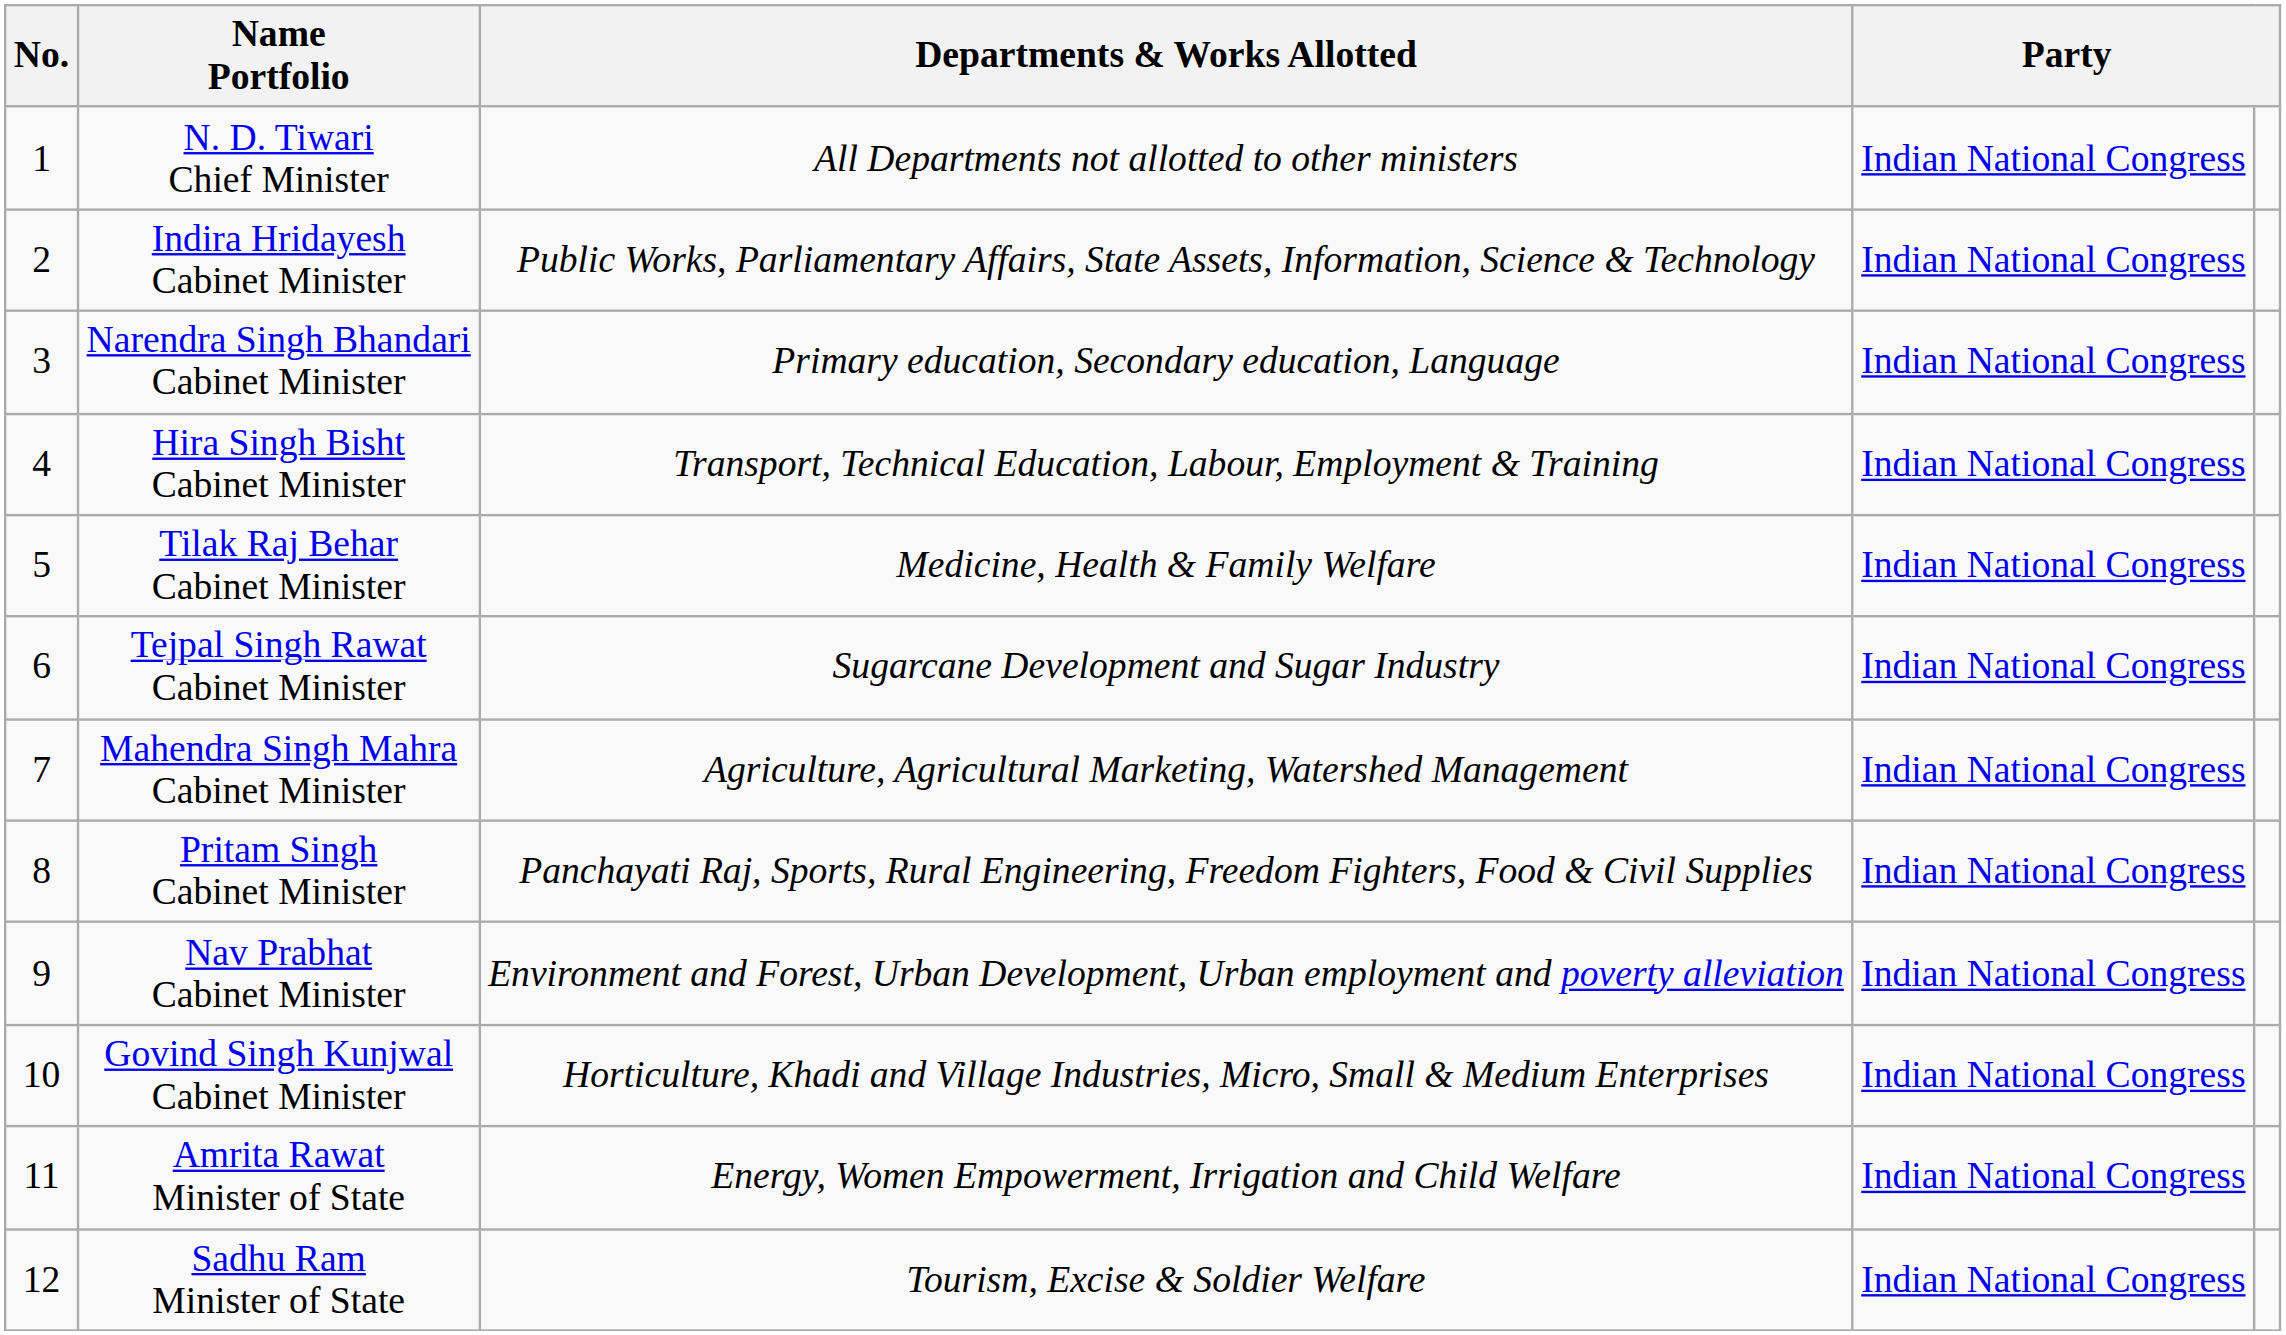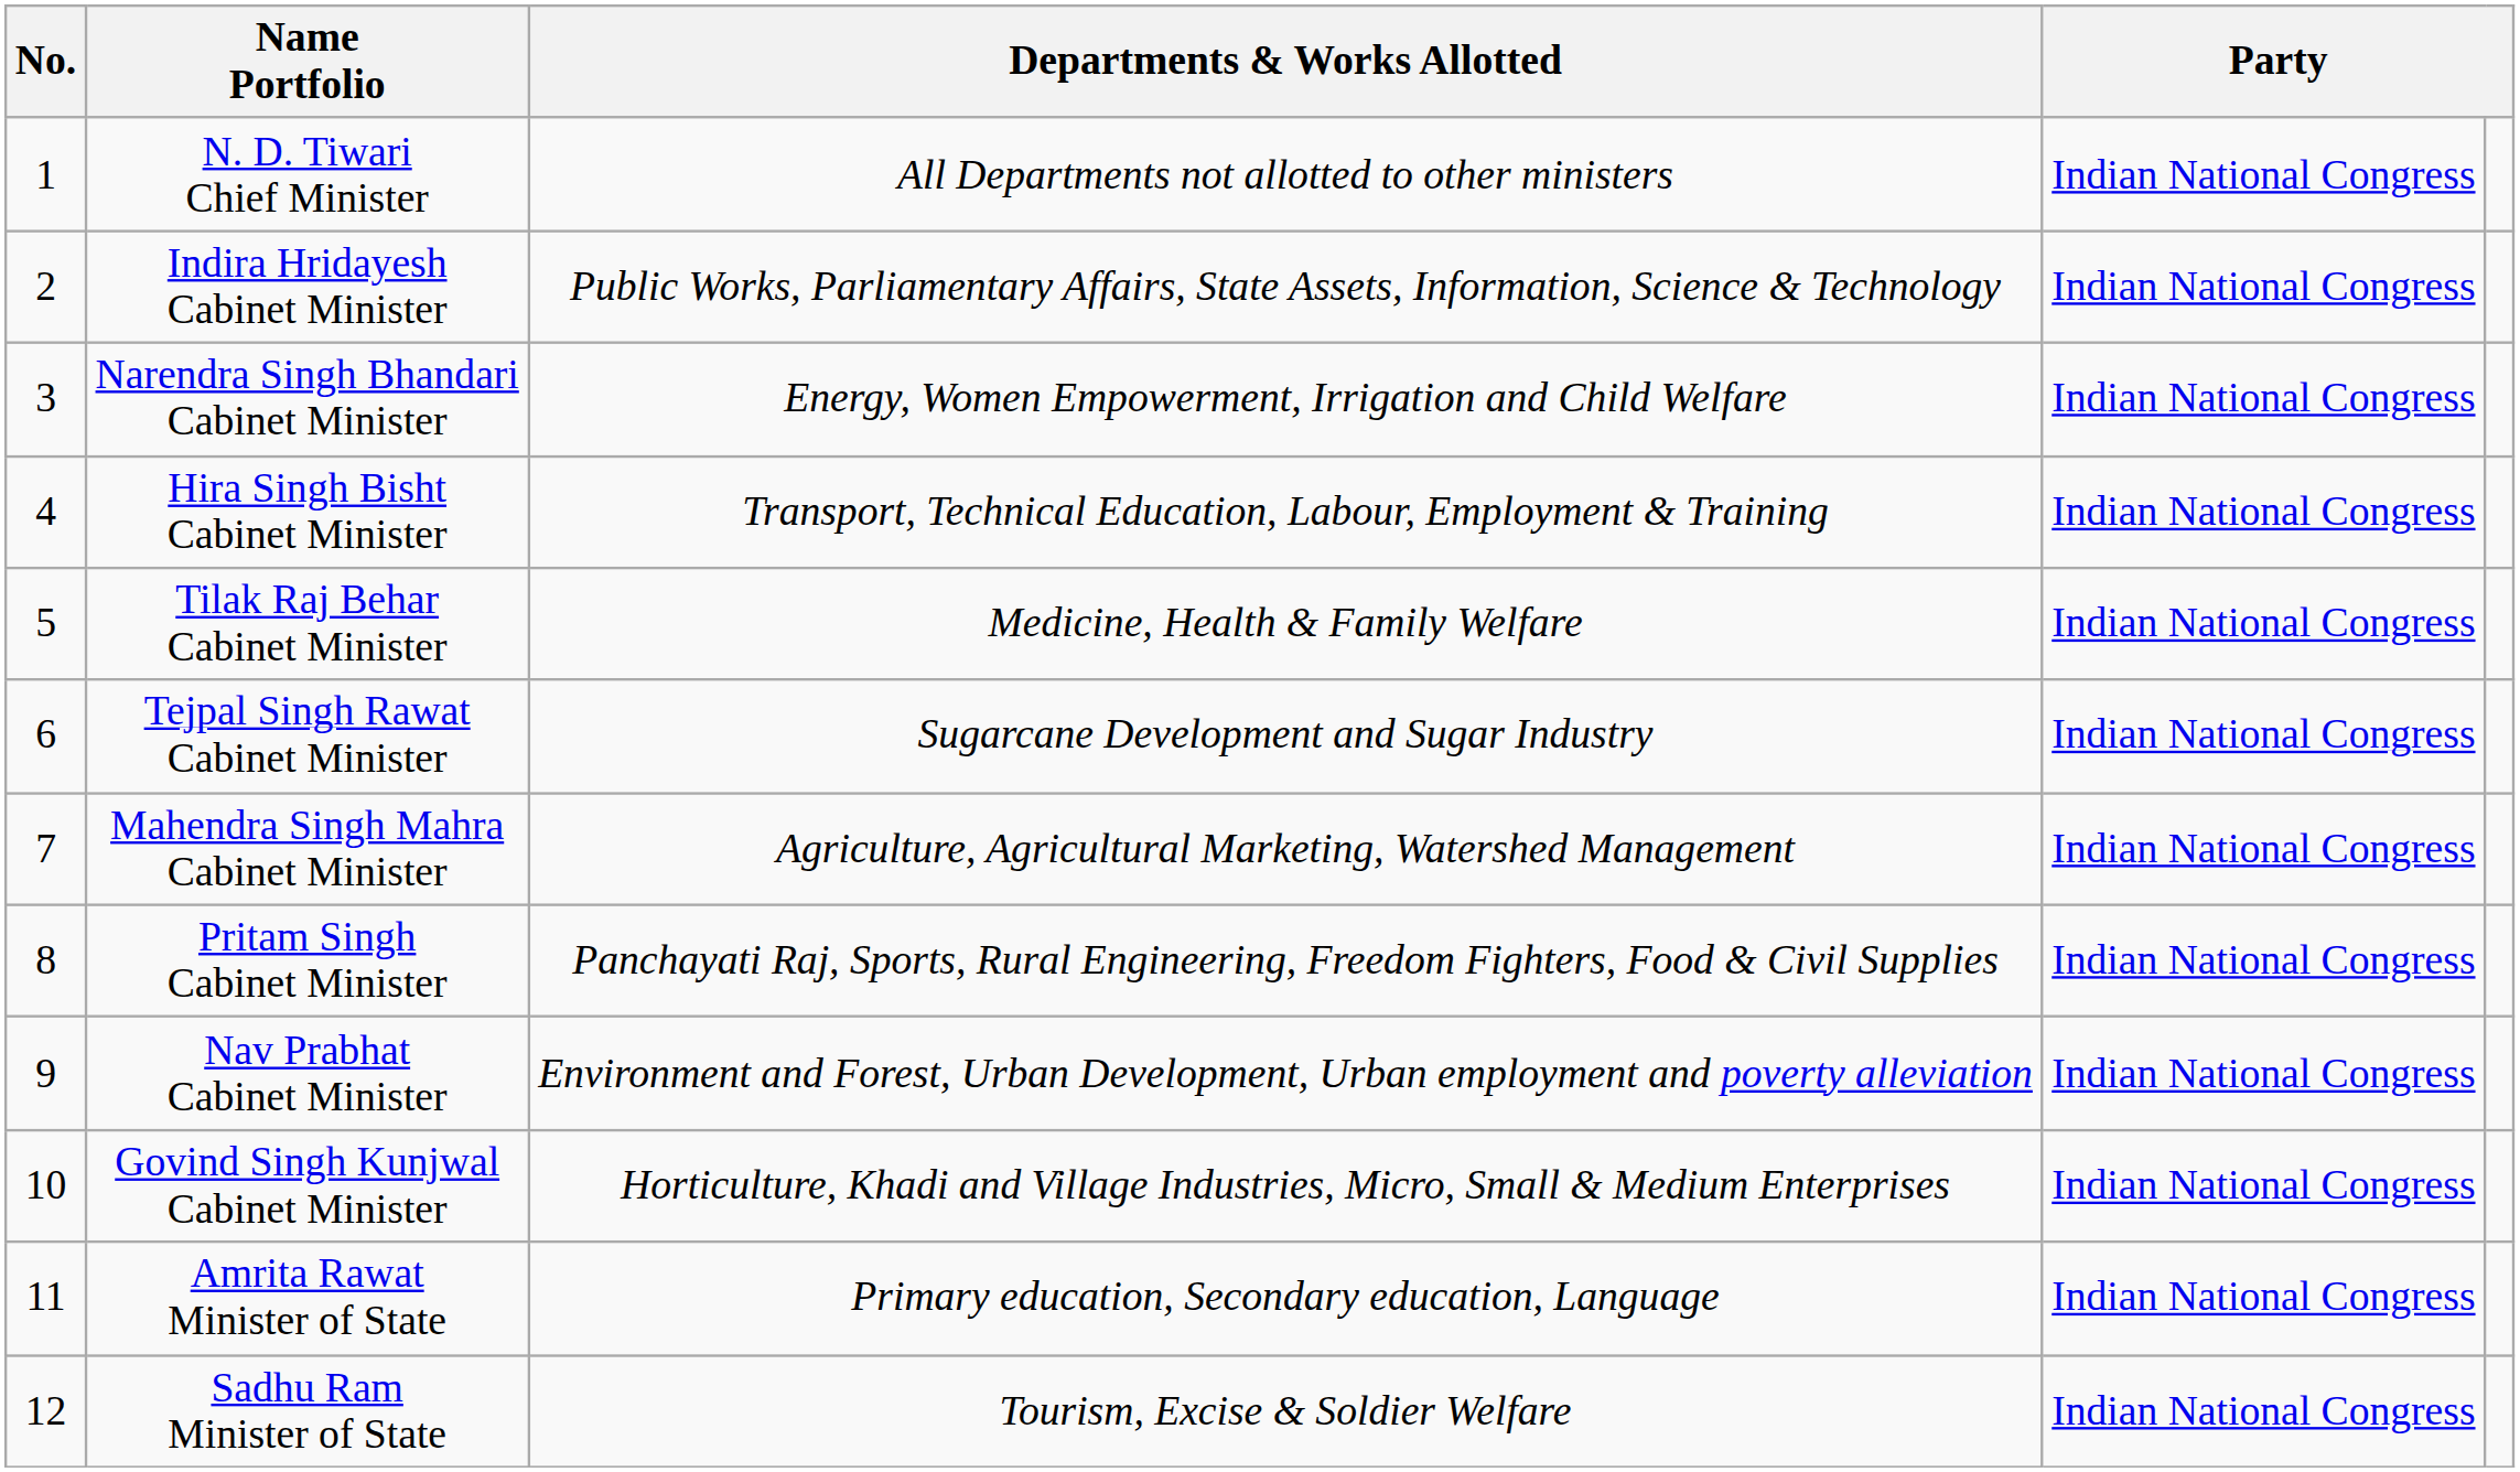 <table class="wikitable">
 <tr>
 <th scope=col>No.</th>
 <th>Name<br>Portfolio<br></th>
 <th scope=col>Departments & Works Allotted<br></th>
 <th colspan="2" scope="col">Party</th>
 </tr>
 <tr style="text-align:center;">
 <td>1</td>
 <td><a href='#'>N. D. Tiwari</a><br>Chief Minister<br></td>
 <td><em>All Departments not allotted to other ministers</em></td>
 <td><a href='#'>Indian National Congress</a></td>
 <td width="4px" style="background-color: "></td>
 </tr>
 <tr style="text-align:center;">
 <td>2</td>
 <td><a href='#'>Indira Hridayesh</a><br>Cabinet Minister<br></td>
 <td><em>Public Works, Parliamentary Affairs, State Assets, Information, Science & Technology</em></td>
 <td><a href='#'>Indian National Congress</a></td>
 <td width="4px" style="background-color: "></td>
 </tr>
 <tr style="text-align:center;">
 <td>3</td>
 <td><a href='#'>Narendra Singh Bhandari</a><br>Cabinet Minister<br></td>
-<td><em>Primary education, Secondary education, Language</em></td>
+<td><em>Energy, Women Empowerment, Irrigation and Child Welfare</em></td>
 <td><a href='#'>Indian National Congress</a></td>
 <td width="4px" style="background-color: "></td>
 </tr>
 <tr style="text-align:center;">
 <td>4</td>
 <td><a href='#'>Hira Singh Bisht</a><br>Cabinet Minister<br></td>
 <td><em>Transport, Technical Education, Labour, Employment & Training</em></td>
 <td><a href='#'>Indian National Congress</a></td>
 <td width="4px" style="background-color: "></td>
 </tr>
 <tr style="text-align:center;">
 <td>5</td>
 <td><a href='#'>Tilak Raj Behar</a><br>Cabinet Minister<br></td>
 <td><em>Medicine, Health & Family Welfare</em></td>
 <td><a href='#'>Indian National Congress</a></td>
 <td width="4px" style="background-color: "></td>
 </tr>
 <tr style="text-align:center;">
 <td>6</td>
 <td><a href='#'>Tejpal Singh Rawat</a><br>Cabinet Minister<br></td>
 <td><em>Sugarcane Development and Sugar Industry</em></td>
 <td><a href='#'>Indian National Congress</a></td>
 <td width="4px" style="background-color: "></td>
 </tr>
 <tr style="text-align:center;">
 <td>7</td>
 <td><a href='#'>Mahendra Singh Mahra</a><br>Cabinet Minister<br></td>
 <td><em>Agriculture, Agricultural Marketing, Watershed Management</em></td>
 <td><a href='#'>Indian National Congress</a></td>
 <td width="4px" style="background-color: "></td>
 </tr>
 <tr style="text-align:center;">
 <td>8</td>
 <td><a href='#'>Pritam Singh</a><br>Cabinet Minister<br></td>
 <td><em>Panchayati Raj, Sports, Rural Engineering, Freedom Fighters, Food & Civil Supplies</em></td>
 <td><a href='#'>Indian National Congress</a></td>
 <td width="4px" style="background-color: "></td>
 </tr>
 <tr style="text-align:center;">
 <td>9</td>
 <td><a href='#'>Nav Prabhat</a><br>Cabinet Minister<br></td>
 <td><em>Environment and Forest, Urban Development, Urban employment and <a href='#'>poverty alleviation</a></em></td>
 <td><a href='#'>Indian National Congress</a></td>
 <td width="4px" style="background-color: "></td>
 </tr>
 <tr style="text-align:center;">
 <td>10</td>
 <td><a href='#'>Govind Singh Kunjwal</a><br>Cabinet Minister<br></td>
 <td><em>Horticulture, Khadi and Village Industries, Micro, Small & Medium Enterprises</em></td>
 <td><a href='#'>Indian National Congress</a></td>
 <td width="4px" style="background-color: "></td>
 </tr>
 <tr style="text-align:center;">
 <td>11</td>
 <td><a href='#'>Amrita Rawat</a><br>Minister of State<br></td>
-<td><em>Energy, Women Empowerment, Irrigation and Child Welfare</em></td>
+<td><em>Primary education, Secondary education, Language</em></td>
 <td><a href='#'>Indian National Congress</a></td>
 <td width="4px" style="background-color: "></td>
 </tr>
 <tr style="text-align:center;">
 <td>12</td>
 <td><a href='#'>Sadhu Ram</a><br>Minister of State<br></td>
 <td><em>Tourism, Excise & Soldier Welfare</em></td>
 <td><a href='#'>Indian National Congress</a></td>
 <td width="4px" style="background-color: "></td>
 </tr>
 </table>
